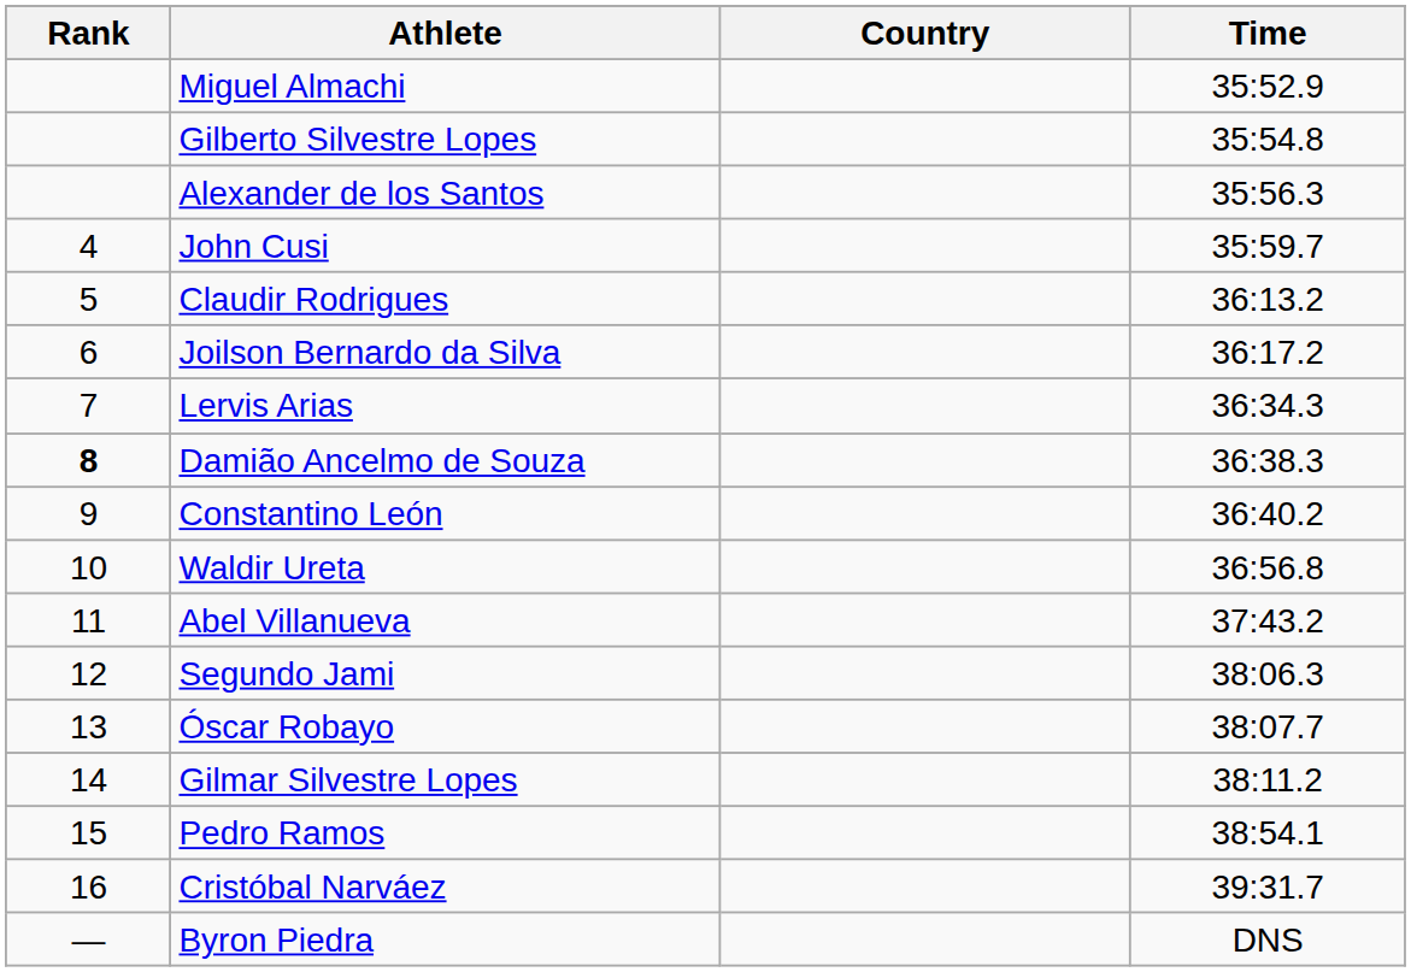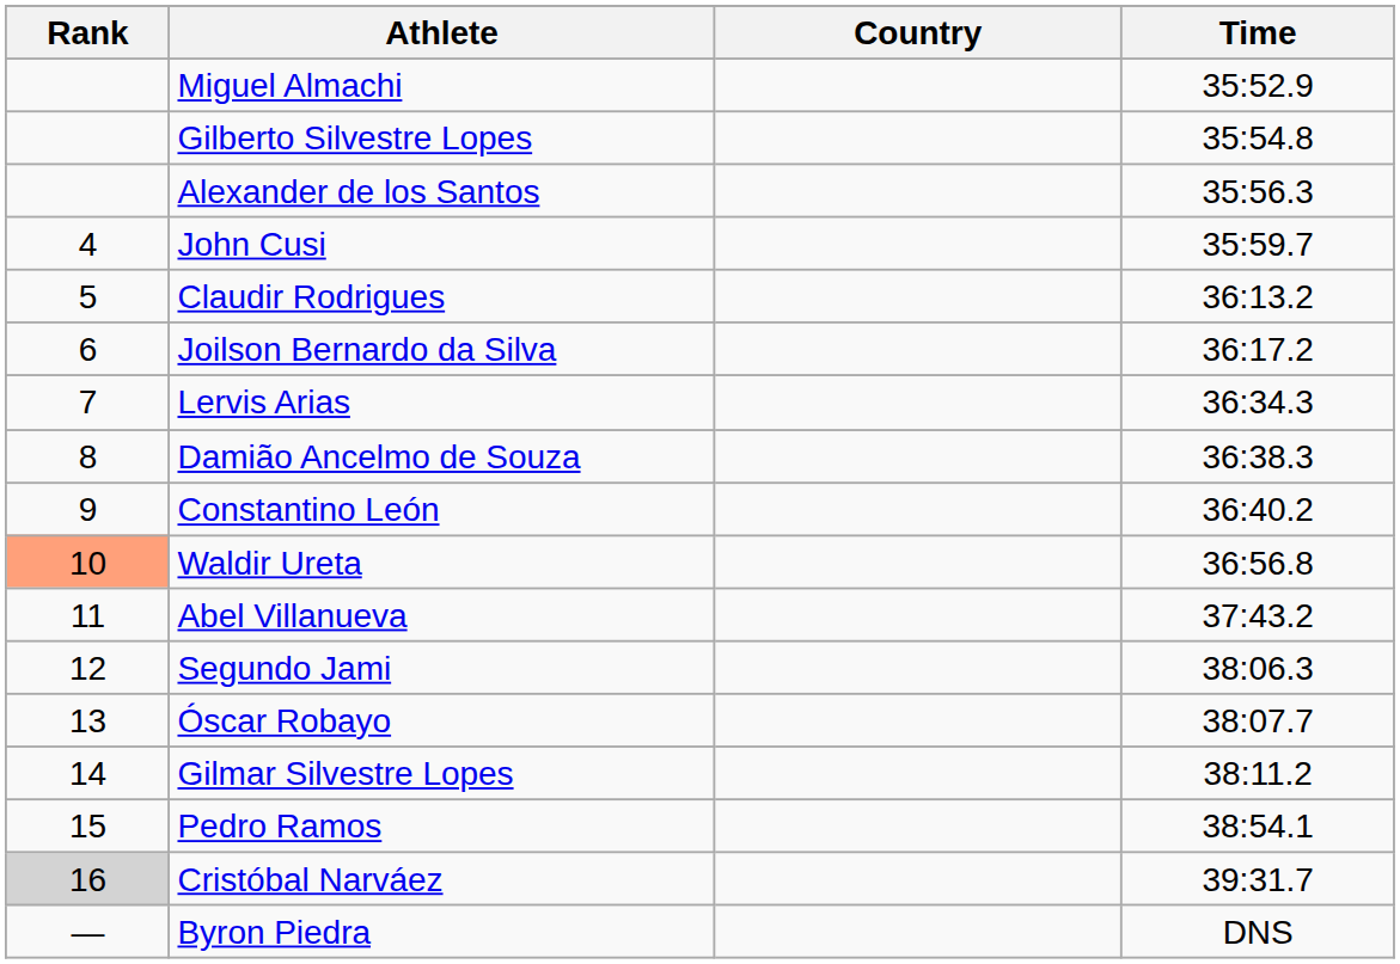 <table class="wikitable sortable" style=" text-align:center; font-size:95%;" width="50%">
 <tr>
 </tr>
 <tr>
 <th width=5%>Rank</th>
 <th width=20%>Athlete</th>
 <th width=15%>Country</th>
 <th width=10%>Time</th>
 </tr>
 <tr>
 <td align=center></td>
 <td align=left><a href='#'>Miguel Almachi</a></td>
 <td align=left></td>
 <td>35:52.9</td>
 </tr>
 <tr>
 <td align=center></td>
 <td align=left><a href='#'>Gilberto Silvestre Lopes</a></td>
 <td align=left></td>
 <td>35:54.8</td>
 </tr>
 <tr>
 <td align=center></td>
 <td align=left><a href='#'>Alexander de los Santos</a></td>
 <td align=left></td>
 <td>35:56.3</td>
 </tr>
 <tr>
 <td align=center>4</td>
 <td align=left><a href='#'>John Cusi</a></td>
 <td align=left></td>
 <td>35:59.7</td>
 </tr>
 <tr>
 <td align=center>5</td>
 <td align=left><a href='#'>Claudir Rodrigues</a></td>
 <td align=left></td>
 <td>36:13.2</td>
 </tr>
 <tr>
 <td align=center>6</td>
 <td align=left><a href='#'>Joilson Bernardo da Silva</a></td>
 <td align=left></td>
 <td>36:17.2</td>
 </tr>
 <tr>
 <td align=center>7</td>
 <td align=left><a href='#'>Lervis Arias</a></td>
 <td align=left></td>
 <td>36:34.3</td>
 </tr>
 <tr>
-<td align=center><strong>8</strong></td>
+<td align=center>8</td>
 <td align=left><a href='#'>Damião Ancelmo de Souza</a></td>
 <td align=left></td>
 <td>36:38.3</td>
 </tr>
 <tr>
 <td align=center>9</td>
 <td align=left><a href='#'>Constantino León</a></td>
 <td align=left></td>
 <td>36:40.2</td>
 </tr>
 <tr>
-<td align=center>10</td>
+<td align=center style="background: lightsalmon;">10</td>
 <td align=left><a href='#'>Waldir Ureta</a></td>
 <td align=left></td>
 <td>36:56.8</td>
 </tr>
 <tr>
 <td align=center>11</td>
 <td align=left><a href='#'>Abel Villanueva</a></td>
 <td align=left></td>
 <td>37:43.2</td>
 </tr>
 <tr>
 <td align=center>12</td>
 <td align=left><a href='#'>Segundo Jami</a></td>
 <td align=left></td>
 <td>38:06.3</td>
 </tr>
 <tr>
 <td align=center>13</td>
 <td align=left><a href='#'>Óscar Robayo</a></td>
 <td align=left></td>
 <td>38:07.7</td>
 </tr>
 <tr>
 <td align=center>14</td>
 <td align=left><a href='#'>Gilmar Silvestre Lopes</a></td>
 <td align=left></td>
 <td>38:11.2</td>
 </tr>
 <tr>
 <td align=center>15</td>
 <td align=left><a href='#'>Pedro Ramos</a></td>
 <td align=left></td>
 <td>38:54.1</td>
 </tr>
 <tr>
-<td align=center>16</td>
+<td align=center style="background: lightgrey;">16</td>
 <td align=left><a href='#'>Cristóbal Narváez</a></td>
 <td align=left></td>
 <td>39:31.7</td>
 </tr>
 <tr>
 <td align=center>—</td>
 <td align=left><a href='#'>Byron Piedra</a></td>
 <td align=left></td>
 <td>DNS</td>
 </tr>
 </table>
